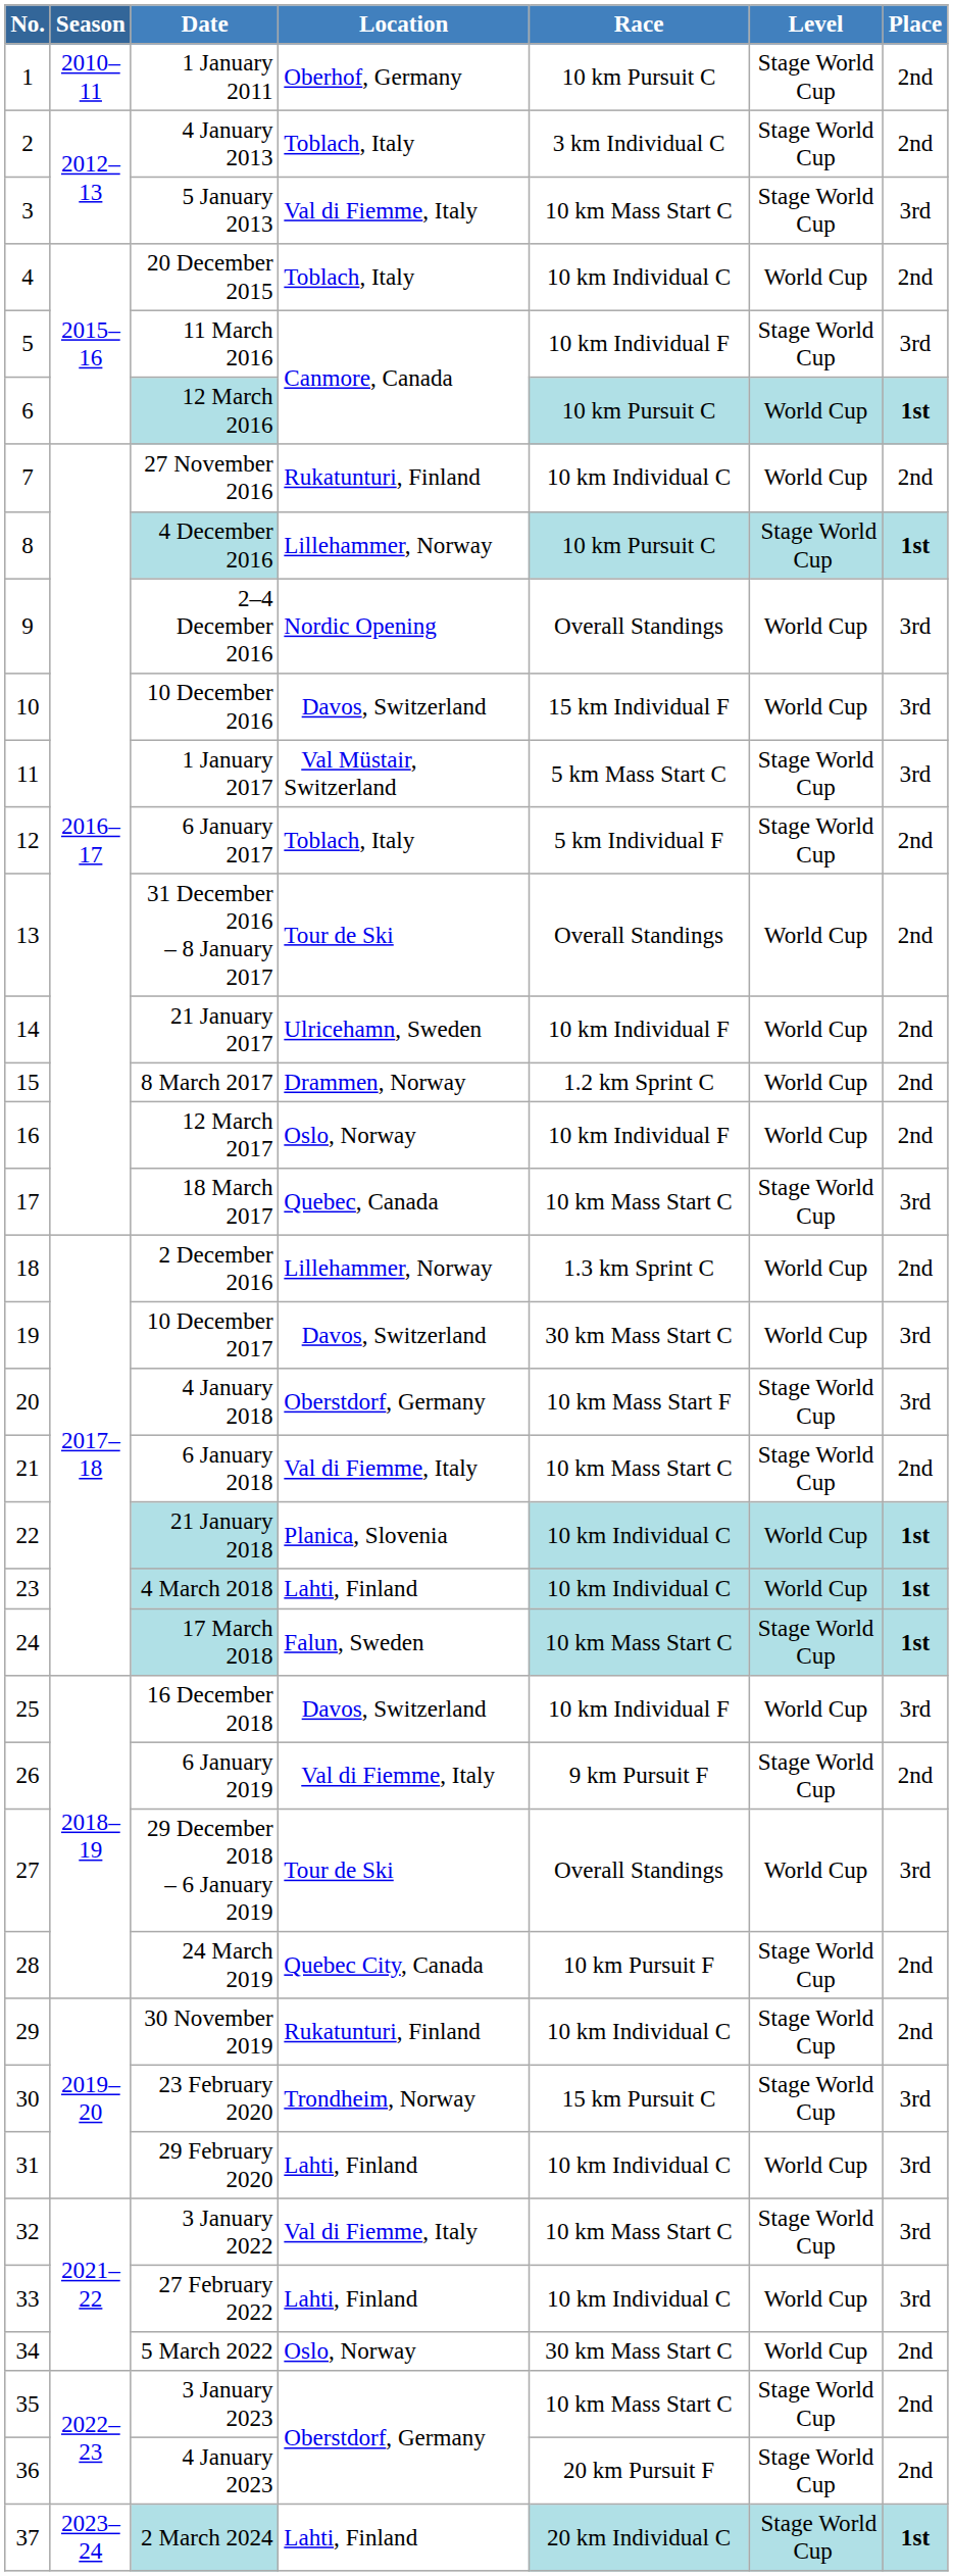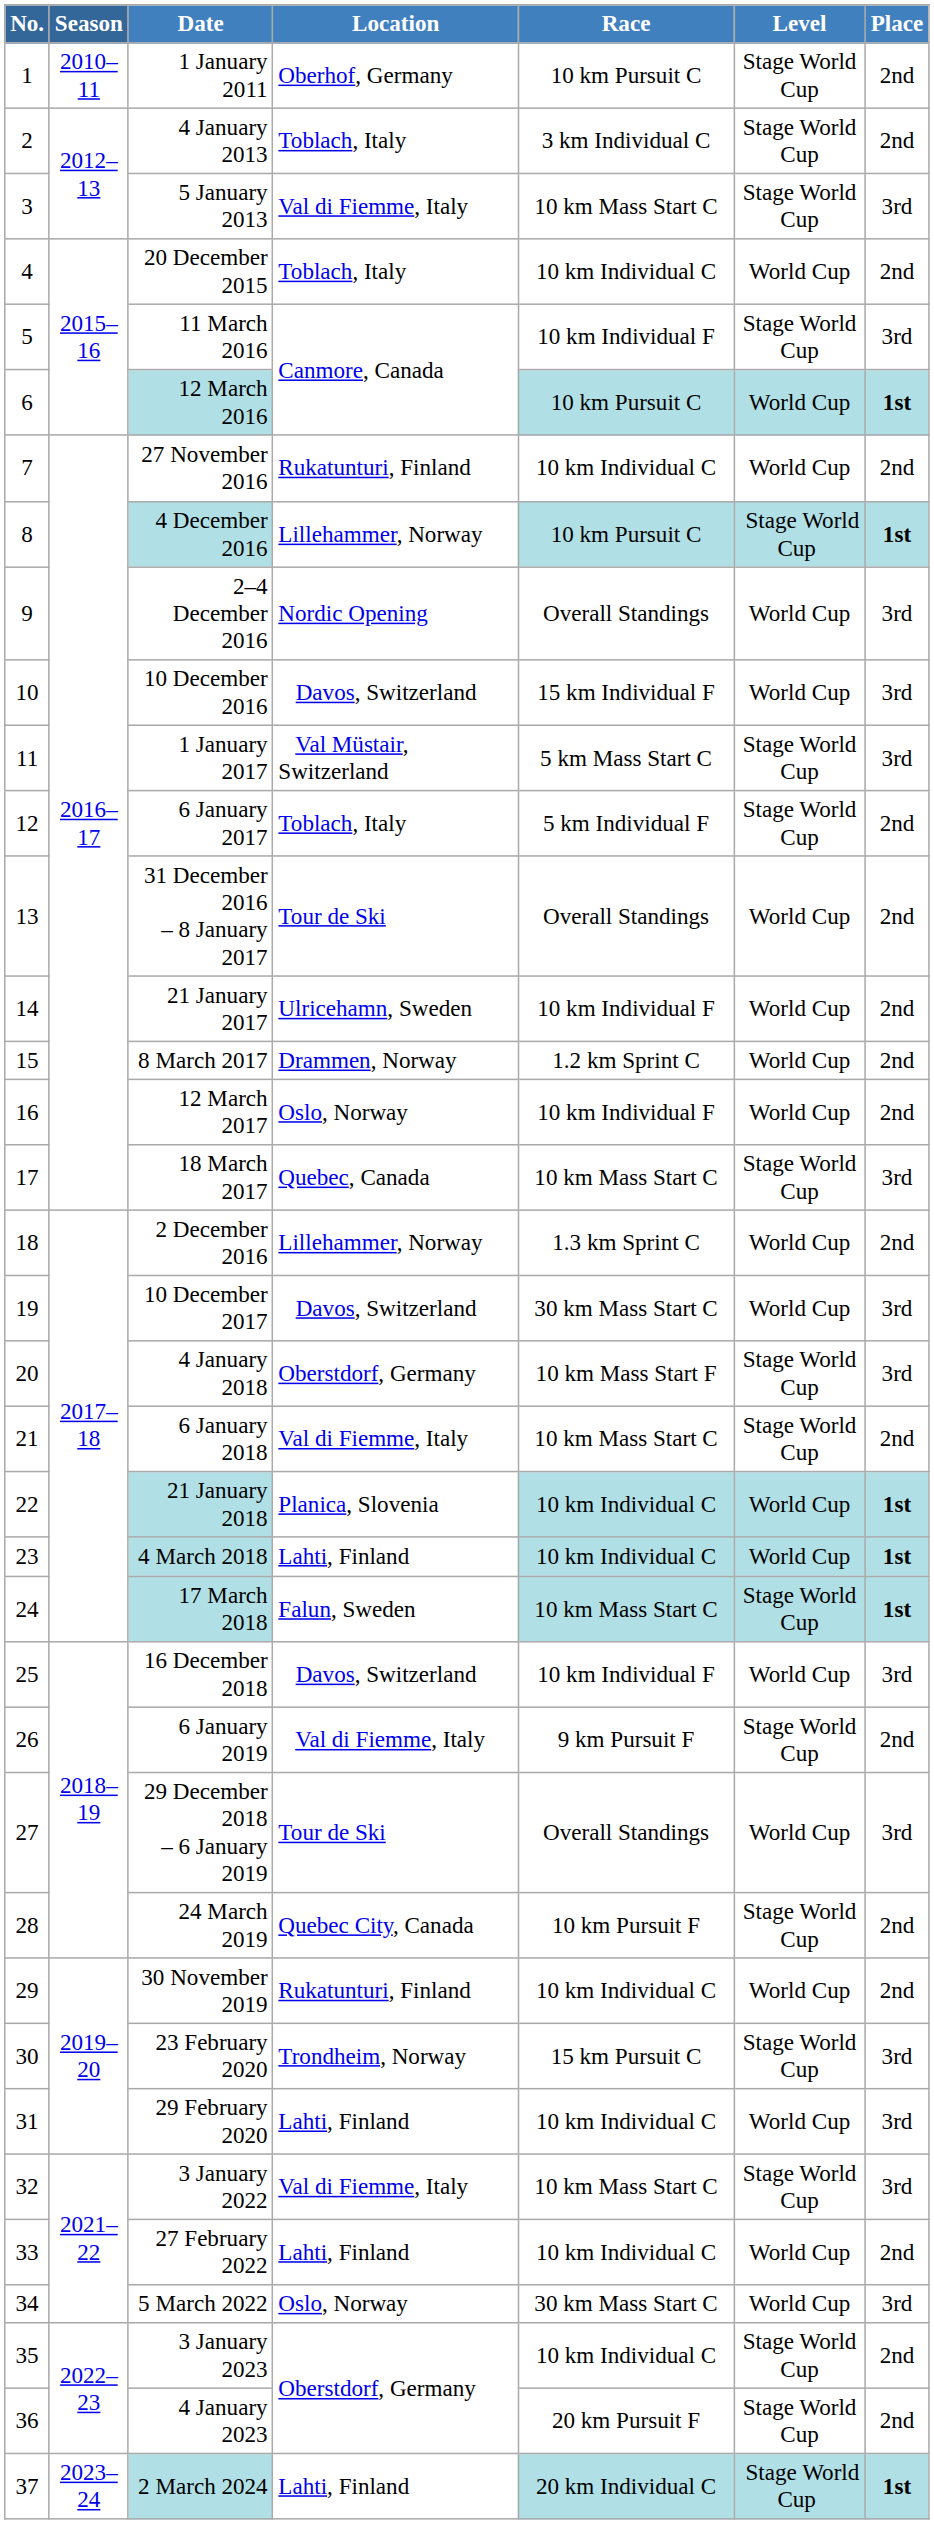 <table class="wikitable sortable" style="font-size:95%; text-align:center; border:grey solid 1px; border-collapse:collapse; background:#ffffff;">
 <tr style="background:#efefef;">
 <th style="background-color:#369; color:white;">No.</th>
 <th style="background-color:#369; color:white;">Season</th>
 <th style="background-color:#4180be; color:white; width:100px;">Date</th>
 <th style="background-color:#4180be; color:white; width:190px;">Location</th>
 <th style="background-color:#4180be; color:white; width:170px;">Race</th>
 <th style="background-color:#4180be; color:white; width:100px;">Level</th>
 <th style="background-color:#4180be; color:white;">Place</th>
 </tr>
 <tr>
 <td align=center>1</td>
 <td align=center><a href='#'>2010–11</a></td>
 <td align=right>1 January 2011</td>
 <td align=left> <a href='#'>Oberhof</a>, Germany</td>
 <td>10 km Pursuit C</td>
 <td>Stage World Cup</td>
 <td>2nd</td>
 </tr>
 <tr>
 <td align=center>2</td>
 <td rowspan="2" align=center><a href='#'>2012–13</a></td>
 <td align=right>4 January 2013</td>
 <td align=left> <a href='#'>Toblach</a>, Italy</td>
 <td>3 km Individual C</td>
 <td>Stage World Cup</td>
 <td>2nd</td>
 </tr>
 <tr>
 <td align=center>3</td>
 <td align=right>5 January 2013</td>
 <td align=left> <a href='#'>Val di Fiemme</a>, Italy</td>
 <td>10 km Mass Start C</td>
 <td>Stage World Cup</td>
 <td>3rd</td>
 </tr>
 <tr>
 <td align=center>4</td>
 <td rowspan="3" align=center><a href='#'>2015–16</a></td>
 <td align=right>20 December 2015</td>
 <td align=left> <a href='#'>Toblach</a>, Italy</td>
 <td>10 km Individual C</td>
 <td>World Cup</td>
 <td>2nd</td>
 </tr>
 <tr>
 <td align=center>5</td>
 <td align=right>11 March 2016</td>
 <td rowspan=2 align=left> <a href='#'>Canmore</a>, Canada</td>
 <td>10 km Individual F</td>
 <td>Stage World Cup</td>
 <td>3rd</td>
 </tr>
 <tr>
 <td align=center>6</td>
 <td bgcolor="#BOEOE6" align=right>12 March 2016</td>
 <td bgcolor="#BOEOE6">10 km Pursuit C</td>
 <td bgcolor="#BOEOE6">World Cup</td>
 <td bgcolor="#BOEOE6"><strong>1st</strong></td>
 </tr>
 <tr>
 <td align=center>7</td>
 <td rowspan="11" align=center><a href='#'>2016–17</a></td>
 <td align=right>27 November 2016</td>
 <td align=left> <a href='#'>Rukatunturi</a>, Finland</td>
 <td>10 km Individual C</td>
 <td>World Cup</td>
 <td>2nd</td>
 </tr>
 <tr>
 <td align=center>8</td>
 <td bgcolor="#BOEOE6" align=right>4 December 2016</td>
 <td align=left> <a href='#'>Lillehammer</a>, Norway</td>
 <td bgcolor="#BOEOE6">10 km Pursuit C</td>
 <td bgcolor="#BOEOE6"> Stage World Cup </td>
 <td bgcolor="#BOEOE6"><strong>1st</strong></td>
 </tr>
 <tr>
 <td align=center>9</td>
 <td align=right>2–4 December 2016</td>
 <td align=left> <a href='#'>Nordic Opening</a></td>
 <td>Overall Standings</td>
 <td>World Cup</td>
 <td>3rd</td>
 </tr>
 <tr>
 <td align=center>10</td>
 <td align=right>10 December 2016</td>
 <td align=left>   <a href='#'>Davos</a>, Switzerland</td>
 <td>15 km Individual F</td>
 <td>World Cup</td>
 <td>3rd</td>
 </tr>
 <tr>
 <td align=center>11</td>
 <td align=right>1 January 2017</td>
 <td align=left>   <a href='#'>Val Müstair</a>, Switzerland</td>
 <td>5 km Mass Start C</td>
 <td>Stage World Cup</td>
 <td>3rd</td>
 </tr>
 <tr>
 <td align=center>12</td>
 <td align=right>6 January 2017</td>
 <td align=left> <a href='#'>Toblach</a>, Italy</td>
 <td>5 km Individual F</td>
 <td>Stage World Cup</td>
 <td>2nd</td>
 </tr>
 <tr>
 <td align=center>13</td>
 <td align=right>31 December 2016<br>– 8 January 2017</td>
 <td align=left> <a href='#'>Tour de Ski</a></td>
 <td>Overall Standings</td>
 <td>World Cup</td>
 <td>2nd</td>
 </tr>
 <tr>
 <td align=center>14</td>
 <td align=right>21 January 2017</td>
 <td align=left> <a href='#'>Ulricehamn</a>, Sweden</td>
 <td>10 km Individual F</td>
 <td>World Cup</td>
 <td>2nd</td>
 </tr>
 <tr>
 <td align=center>15</td>
 <td align=right>8 March 2017</td>
 <td align=left> <a href='#'>Drammen</a>, Norway</td>
 <td>1.2 km Sprint C</td>
 <td>World Cup</td>
 <td>2nd</td>
 </tr>
 <tr>
 <td align=center>16</td>
 <td align=right>12 March 2017</td>
 <td align=left> <a href='#'>Oslo</a>, Norway</td>
 <td>10 km Individual F</td>
 <td>World Cup</td>
 <td>2nd</td>
 </tr>
 <tr>
 <td align=center>17</td>
 <td align=right>18 March 2017</td>
 <td align=left> <a href='#'>Quebec</a>, Canada</td>
 <td>10 km Mass Start C</td>
 <td>Stage World Cup</td>
 <td>3rd</td>
 </tr>
 <tr>
 <td align=center>18</td>
 <td rowspan="7" align=center><a href='#'>2017–18</a></td>
 <td align=right>2 December 2016</td>
 <td align=left> <a href='#'>Lillehammer</a>, Norway</td>
 <td>1.3 km Sprint C</td>
 <td>World Cup</td>
 <td>2nd</td>
 </tr>
 <tr>
 <td align=center>19</td>
 <td align=right>10 December 2017</td>
 <td align=left>   <a href='#'>Davos</a>, Switzerland</td>
 <td>30 km Mass Start C</td>
 <td>World Cup</td>
 <td>3rd</td>
 </tr>
 <tr>
 <td align=center>20</td>
 <td align=right>4 January 2018</td>
 <td align=left> <a href='#'>Oberstdorf</a>, Germany</td>
 <td>10 km Mass Start F</td>
 <td>Stage World Cup</td>
 <td>3rd</td>
 </tr>
 <tr>
 <td align=center>21</td>
 <td align=right>6 January 2018</td>
 <td align=left> <a href='#'>Val di Fiemme</a>, Italy</td>
 <td>10 km Mass Start C</td>
 <td>Stage World Cup</td>
 <td>2nd</td>
 </tr>
 <tr>
 <td align=center>22</td>
 <td bgcolor="#BOEOE6" align=right>21 January 2018</td>
 <td align=left> <a href='#'>Planica</a>, Slovenia</td>
 <td bgcolor="#BOEOE6">10 km Individual C</td>
 <td bgcolor="#BOEOE6">World Cup</td>
 <td bgcolor="#BOEOE6"><strong>1st</strong></td>
 </tr>
 <tr>
 <td align=center>23</td>
 <td bgcolor="#BOEOE6" align=right>4 March 2018</td>
 <td align=left> <a href='#'>Lahti</a>, Finland</td>
 <td bgcolor="#BOEOE6">10 km Individual C</td>
 <td bgcolor="#BOEOE6">World Cup</td>
 <td bgcolor="#BOEOE6"><strong>1st</strong></td>
 </tr>
 <tr>
 <td align=center>24</td>
 <td bgcolor="#BOEOE6" align=right>17 March 2018</td>
 <td align=left> <a href='#'>Falun</a>, Sweden</td>
 <td bgcolor="#BOEOE6">10 km Mass Start C</td>
 <td bgcolor="#BOEOE6">Stage World Cup</td>
 <td bgcolor="#BOEOE6"><strong>1st</strong></td>
 </tr>
 <tr>
 <td align=center>25</td>
 <td rowspan="4" align=center><a href='#'>2018–19</a></td>
 <td align=right>16 December 2018</td>
 <td align=left>   <a href='#'>Davos</a>, Switzerland</td>
 <td>10 km Individual F</td>
 <td>World Cup</td>
 <td>3rd</td>
 </tr>
 <tr>
 <td align=center>26</td>
 <td align=right>6 January 2019</td>
 <td align=left>   <a href='#'>Val di Fiemme</a>, Italy</td>
 <td>9 km Pursuit F</td>
 <td>Stage World Cup</td>
 <td>2nd</td>
 </tr>
 <tr>
 <td align=center>27</td>
 <td align=right>29 December 2018<br>– 6 January 2019</td>
 <td align=left> <a href='#'>Tour de Ski</a></td>
 <td>Overall Standings</td>
 <td>World Cup</td>
 <td>3rd</td>
 </tr>
 <tr>
 <td align=center>28</td>
 <td align=right>24 March 2019</td>
 <td align=left> <a href='#'>Quebec City</a>, Canada</td>
 <td>10 km Pursuit F</td>
 <td>Stage World Cup</td>
 <td>2nd</td>
 </tr>
 <tr>
 <td align=center>29</td>
 <td rowspan="3" align=center><a href='#'>2019–20</a></td>
 <td align=right>30 November 2019</td>
 <td align=left> <a href='#'>Rukatunturi</a>, Finland</td>
 <td>10 km Individual C</td>
-<td>Stage World Cup</td>
+<td>World Cup</td>
 <td>2nd</td>
 </tr>
 <tr>
 <td align=center>30</td>
 <td align=right>23 February 2020</td>
 <td align=left> <a href='#'>Trondheim</a>, Norway</td>
 <td>15 km Pursuit C</td>
 <td>Stage World Cup</td>
 <td>3rd</td>
 </tr>
 <tr>
 <td align=center>31</td>
 <td align=right>29 February 2020</td>
 <td align=left> <a href='#'>Lahti</a>, Finland</td>
 <td>10 km Individual C</td>
 <td>World Cup</td>
 <td>3rd</td>
 </tr>
 <tr>
 <td align=center>32</td>
 <td rowspan="3" align=center><a href='#'>2021–22</a></td>
 <td align="right">3 January 2022</td>
 <td align="left"> <a href='#'>Val di Fiemme</a>, Italy</td>
 <td>10 km Mass Start C</td>
 <td>Stage World Cup</td>
 <td>3rd</td>
 </tr>
 <tr>
 <td align=center>33</td>
 <td align=right>27 February 2022</td>
 <td align=left> <a href='#'>Lahti</a>, Finland</td>
 <td>10 km Individual C</td>
 <td>World Cup</td>
-<td>3rd</td>
+<td>2nd</td>
 </tr>
 <tr>
 <td align=center>34</td>
 <td align=right>5 March 2022</td>
 <td align=left> <a href='#'>Oslo</a>, Norway</td>
 <td>30 km Mass Start C</td>
 <td>World Cup</td>
-<td>2nd</td>
+<td>3rd</td>
 </tr>
 <tr>
 <td align=center>35</td>
 <td rowspan="2" align=center><a href='#'>2022–23</a></td>
 <td align="right">3 January 2023</td>
 <td rowspan=2 align="left"> <a href='#'>Oberstdorf</a>, Germany</td>
-<td>10 km Mass Start C</td>
+<td>10 km Individual C</td>
 <td>Stage World Cup</td>
 <td>2nd</td>
 </tr>
 <tr>
 <td align=center>36</td>
 <td align=right>4 January 2023</td>
 <td>20 km Pursuit F</td>
 <td>Stage World Cup</td>
 <td>2nd</td>
 </tr>
 <tr>
 <td align=center>37</td>
 <td rowspan="1" align=center><a href='#'>2023–24</a></td>
 <td align="right" bgcolor="#BOEOE6">2 March 2024</td>
 <td rowspan=2 align="left"> <a href='#'>Lahti</a>, Finland</td>
 <td bgcolor="#BOEOE6">20 km Individual C</td>
 <td bgcolor="#BOEOE6"> Stage World Cup </td>
 <td bgcolor="#BOEOE6"><strong>1st</strong></td>
 </tr>
 </table>
